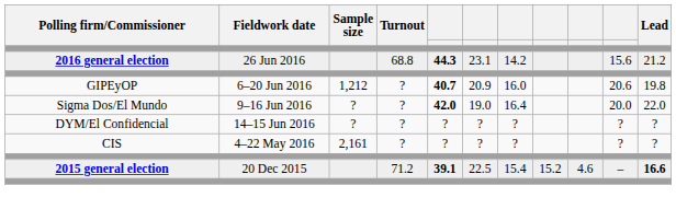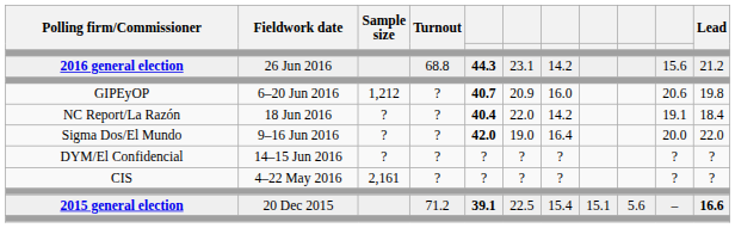 <table class="wikitable collapsible collapsed" style="text-align:center; font-size:95%; line-height:16px;">
 <tr style="height:42px; background-color:#E9E9E9">
 <th style="width:250px;" rowspan="2">Polling firm/Commissioner</th>
 <th style="width:125px;" rowspan="2">Fieldwork date</th>
 <th style="width:50px;" rowspan="2">Sample size</th>
 <th style="width:45px;" rowspan="2">Turnout</th>
 <th style="width:35px;"></th>
 <th style="width:35px;"></th>
 <th style="width:35px;"></th>
 <th style="width:35px;"></th>
 <th style="width:35px;"></th>
 <th style="width:35px;"></th>
 <th style="width:30px;" rowspan="2">Lead</th>
 </tr>
 <tr>
 <th style="color:inherit;background:"></th>
 <th style="color:inherit;background:"></th>
 <th style="color:inherit;background:"></th>
 <th style="color:inherit;background:"></th>
 <th style="color:inherit;background:"></th>
 <th style="color:inherit;background:"></th>
 </tr>
 <tr>
 <td colspan="11" style="background:#A0A0A0"></td>
 </tr>
 <tr style="background:#EFEFEF;">
 <td><strong><a href='#'>2016 general election</a></strong></td>
 <td>26 Jun 2016</td>
 <td></td>
 <td>68.8</td>
 <td><strong>44.3</strong><br></td>
 <td>23.1<br></td>
 <td>14.2<br></td>
 <td></td>
 <td></td>
 <td>15.6<br></td>
 <td style="background:">21.2</td>
 </tr>
 <tr>
 <td colspan="11" style="background:#A0A0A0"></td>
 </tr>
 <tr>
 <td>GIPEyOP</td>
 <td>6–20 Jun 2016</td>
 <td>1,212</td>
 <td>?</td>
 <td><strong>40.7</strong><br></td>
 <td>20.9<br></td>
 <td>16.0<br></td>
 <td></td>
 <td></td>
 <td>20.6<br></td>
 <td style="background:">19.8</td>
 </tr>
 <tr>
+<td>NC Report/La Razón</td>
+<td>18 Jun 2016</td>
+<td>?</td>
+<td>?</td>
+<td><strong>40.4</strong><br></td>
+<td>22.0<br></td>
+<td>14.2<br></td>
+<td></td>
+<td></td>
+<td>19.1<br></td>
+<td style="background:">18.4</td>
+</tr>
+<tr>
 <td>Sigma Dos/El Mundo</td>
 <td>9–16 Jun 2016</td>
 <td>?</td>
 <td>?</td>
 <td><strong>42.0</strong><br></td>
 <td>19.0<br></td>
 <td>16.4<br></td>
 <td></td>
 <td></td>
 <td>20.0<br></td>
 <td style="background:">22.0</td>
 </tr>
 <tr>
 <td>DYM/El Confidencial</td>
 <td>14–15 Jun 2016</td>
 <td>?</td>
 <td>?</td>
 <td>?<br></td>
 <td>?<br></td>
 <td>?<br></td>
 <td></td>
 <td></td>
 <td>?<br></td>
 <td style="background:">?</td>
 </tr>
 <tr>
 <td>CIS</td>
 <td>4–22 May 2016</td>
 <td>2,161</td>
 <td>?</td>
 <td>?<br></td>
 <td>?<br></td>
 <td>?<br></td>
 <td></td>
 <td></td>
 <td>?<br></td>
 <td style="background:">?</td>
 </tr>
 <tr>
 <td colspan="11" style="background:#A0A0A0"></td>
 </tr>
 <tr style="background:#EFEFEF;">
 <td><strong><a href='#'>2015 general election</a></strong></td>
 <td>20 Dec 2015</td>
 <td></td>
 <td>71.2</td>
 <td><strong>39.1</strong><br></td>
 <td>22.5<br></td>
 <td>15.4<br></td>
-<td>15.2<br></td>
-<td>4.6<br></td>
+<td>15.1<br></td>
+<td>5.6<br></td>
 <td>–</td>
 <td style="background:"><strong>16.6</strong></td>
 </tr>
 <tr>
 <td colspan="11" style="background:#A0A0A0"></td>
 </tr>
 </table>
